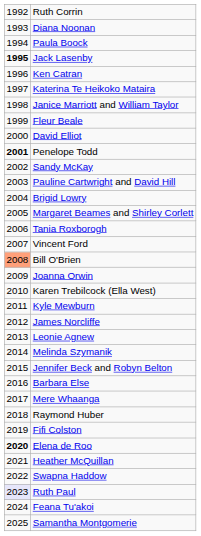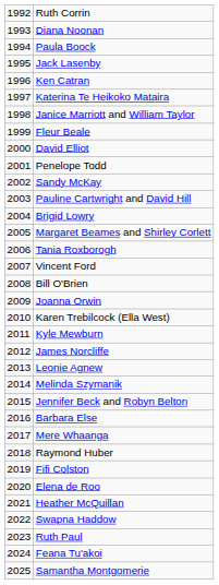 <table class="wikitable">
 <tr>
 <td>1992</td>
 <td>Ruth Corrin</td>
 </tr>
 <tr>
 <td>1993</td>
 <td><a href='#'>Diana Noonan</a></td>
 </tr>
 <tr>
 <td>1994</td>
 <td><a href='#'>Paula Boock</a></td>
 </tr>
 <tr>
-<td><strong>1995</strong></td>
+<td>1995</td>
 <td><a href='#'>Jack Lasenby</a></td>
 </tr>
 <tr>
 <td>1996</td>
 <td><a href='#'>Ken Catran</a></td>
 </tr>
 <tr>
 <td>1997</td>
 <td><a href='#'>Katerina Te Heikoko Mataira</a></td>
 </tr>
 <tr>
 <td>1998</td>
 <td><a href='#'>Janice Marriott</a> and <a href='#'>William Taylor</a></td>
 </tr>
 <tr>
 <td>1999</td>
 <td><a href='#'>Fleur Beale</a></td>
 </tr>
 <tr>
 <td>2000</td>
 <td><a href='#'>David Elliot</a></td>
 </tr>
 <tr>
-<td><strong>2001</strong></td>
+<td>2001</td>
 <td>Penelope Todd</td>
 </tr>
 <tr>
 <td>2002</td>
 <td><a href='#'>Sandy McKay</a></td>
 </tr>
 <tr>
 <td>2003</td>
 <td><a href='#'>Pauline Cartwright</a> and <a href='#'>David Hill</a></td>
 </tr>
 <tr>
 <td>2004</td>
 <td><a href='#'>Brigid Lowry</a></td>
 </tr>
 <tr>
 <td>2005</td>
 <td><a href='#'>Margaret Beames</a> and <a href='#'>Shirley Corlett</a></td>
 </tr>
 <tr>
 <td>2006</td>
 <td><a href='#'>Tania Roxborogh</a></td>
 </tr>
 <tr>
 <td>2007</td>
 <td>Vincent Ford</td>
 </tr>
 <tr>
-<td style="background: lightsalmon;">2008</td>
+<td>2008</td>
 <td>Bill O'Brien</td>
 </tr>
 <tr>
 <td>2009</td>
 <td><a href='#'>Joanna Orwin</a></td>
 </tr>
 <tr>
 <td>2010</td>
 <td>Karen Trebilcock (Ella West)</td>
 </tr>
 <tr>
 <td>2011</td>
 <td><a href='#'>Kyle Mewburn</a></td>
 </tr>
 <tr>
 <td>2012</td>
 <td><a href='#'>James Norcliffe</a></td>
 </tr>
 <tr>
 <td>2013</td>
 <td><a href='#'>Leonie Agnew</a></td>
 </tr>
 <tr>
 <td>2014</td>
 <td><a href='#'>Melinda Szymanik</a></td>
 </tr>
 <tr>
 <td>2015</td>
 <td><a href='#'>Jennifer Beck</a> and <a href='#'>Robyn Belton</a></td>
 </tr>
 <tr>
 <td>2016</td>
 <td><a href='#'>Barbara Else</a></td>
 </tr>
 <tr>
 <td>2017</td>
 <td><a href='#'>Mere Whaanga</a></td>
 </tr>
 <tr>
 <td>2018</td>
 <td>Raymond Huber</td>
 </tr>
 <tr>
 <td>2019</td>
 <td><a href='#'>Fifi Colston</a></td>
 </tr>
 <tr>
-<td><strong>2020</strong></td>
+<td>2020</td>
 <td><a href='#'>Elena de Roo</a></td>
 </tr>
 <tr>
 <td>2021</td>
 <td><a href='#'>Heather McQuillan</a></td>
 </tr>
 <tr>
 <td>2022</td>
 <td><a href='#'>Swapna Haddow</a></td>
 </tr>
 <tr>
-<td style="background: lavender;">2023</td>
+<td>2023</td>
 <td><a href='#'>Ruth Paul</a></td>
 </tr>
 <tr>
 <td>2024</td>
 <td><a href='#'>Feana Tu'akoi</a></td>
 </tr>
 <tr>
 <td>2025</td>
 <td><a href='#'>Samantha Montgomerie</a></td>
 </tr>
 </table>
